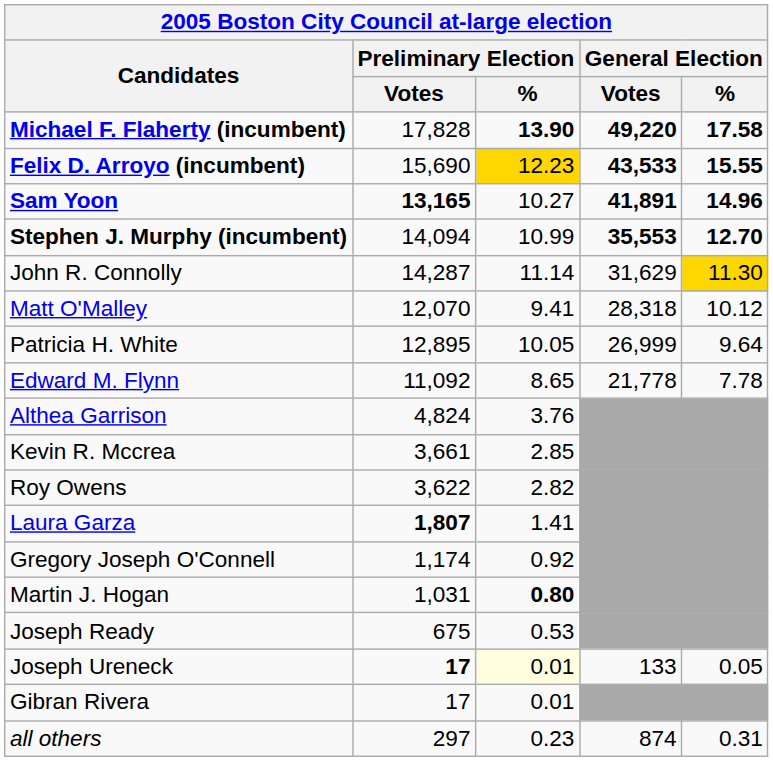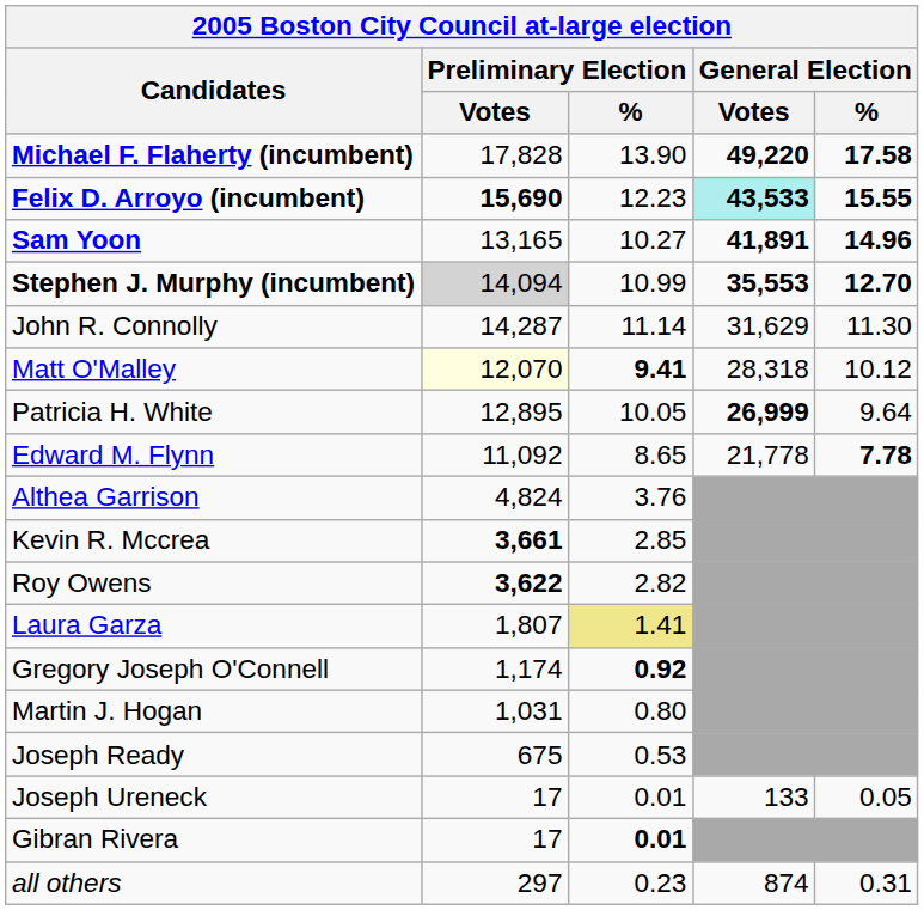 <table class=wikitable>
 <tr>
 <th colspan=5><a href='#'>2005 Boston City Council at-large election</a></th>
 </tr>
 <tr>
 <th colspan=1 rowspan=2><strong>Candidates</strong></th>
 <th colspan=2><strong>Preliminary Election</strong></th>
 <th colspan=2><strong>General Election</strong></th>
 </tr>
 <tr>
 <th>Votes</th>
 <th>%</th>
 <th>Votes</th>
 <th>%</th>
 </tr>
 <tr>
 <td><strong><a href='#'>Michael F. Flaherty</a> (incumbent)</strong></td>
 <td align="right">17,828</td>
-<td align="right"><strong>13.90</strong></td>
+<td align="right">13.90</td>
 <td align="right"><strong>49,220</strong></td>
 <td align="right"><strong>17.58</strong></td>
 </tr>
 <tr>
 <td><strong><a href='#'>Felix D. Arroyo</a> (incumbent)</strong></td>
-<td align="right">15,690</td>
-<td align="right" style="background: gold;">12.23</td>
-<td align="right"><strong>43,533</strong></td>
+<td align="right"><strong>15,690</strong></td>
+<td align="right">12.23</td>
+<td align="right" style="background: paleturquoise;"><strong>43,533</strong></td>
 <td align="right"><strong>15.55</strong></td>
 </tr>
 <tr>
 <td><strong><a href='#'>Sam Yoon</a></strong></td>
-<td align="right"><strong>13,165</strong></td>
+<td align="right">13,165</td>
 <td align="right">10.27</td>
 <td align="right"><strong>41,891</strong></td>
 <td align="right"><strong>14.96</strong></td>
 </tr>
 <tr>
 <td><strong>Stephen J. Murphy (incumbent)</strong></td>
-<td align="right">14,094</td>
+<td align="right" style="background: lightgrey;">14,094</td>
 <td align="right">10.99</td>
 <td align="right"><strong>35,553</strong></td>
 <td align="right"><strong>12.70</strong></td>
 </tr>
 <tr>
 <td>John R. Connolly</td>
 <td align="right">14,287</td>
 <td align="right">11.14</td>
 <td align="right">31,629</td>
-<td align="right" style="background: gold;">11.30</td>
+<td align="right">11.30</td>
 </tr>
 <tr>
 <td><a href='#'>Matt O'Malley</a></td>
-<td align="right">12,070</td>
-<td align="right">9.41</td>
+<td align="right" style="background: lightyellow;">12,070</td>
+<td align="right"><strong>9.41</strong></td>
 <td align="right">28,318</td>
 <td align="right">10.12</td>
 </tr>
 <tr>
 <td>Patricia H. White</td>
 <td align="right">12,895</td>
 <td align="right">10.05</td>
-<td align="right">26,999</td>
+<td align="right"><strong>26,999</strong></td>
 <td align="right">9.64</td>
 </tr>
 <tr>
 <td><a href='#'>Edward M. Flynn</a></td>
 <td align="right">11,092</td>
 <td align="right">8.65</td>
 <td align="right">21,778</td>
-<td align="right">7.78</td>
+<td align="right"><strong>7.78</strong></td>
 </tr>
 <tr>
 <td><a href='#'>Althea Garrison</a></td>
 <td align="right">4,824</td>
 <td align="right">3.76</td>
 <td colspan=2 bgcolor=darkgray> </td>
 </tr>
 <tr>
 <td>Kevin R. Mccrea</td>
-<td align="right">3,661</td>
+<td align="right"><strong>3,661</strong></td>
 <td align="right">2.85</td>
 <td colspan=2 bgcolor=darkgray> </td>
 </tr>
 <tr>
 <td>Roy Owens</td>
-<td align="right">3,622</td>
+<td align="right"><strong>3,622</strong></td>
 <td align="right">2.82</td>
 <td colspan=2 bgcolor=darkgray> </td>
 </tr>
 <tr>
 <td><a href='#'>Laura Garza</a></td>
-<td align="right"><strong>1,807</strong></td>
-<td align="right">1.41</td>
+<td align="right">1,807</td>
+<td align="right" style="background: khaki;">1.41</td>
 <td colspan=2 bgcolor=darkgray> </td>
 </tr>
 <tr>
 <td>Gregory Joseph O'Connell</td>
 <td align="right">1,174</td>
-<td align="right">0.92</td>
+<td align="right"><strong>0.92</strong></td>
 <td colspan=2 bgcolor=darkgray> </td>
 </tr>
 <tr>
 <td>Martin J. Hogan</td>
 <td align="right">1,031</td>
-<td align="right"><strong>0.80</strong></td>
+<td align="right">0.80</td>
 <td colspan=2 bgcolor=darkgray> </td>
 </tr>
 <tr>
 <td>Joseph Ready</td>
 <td align="right">675</td>
 <td align="right">0.53</td>
 <td colspan=2 bgcolor=darkgray> </td>
 </tr>
 <tr>
 <td>Joseph Ureneck</td>
-<td align="right"><strong>17</strong></td>
-<td align="right" style="background: lightyellow;">0.01</td>
+<td align="right">17</td>
+<td align="right">0.01</td>
 <td align="right">133</td>
 <td align="right">0.05</td>
 </tr>
 <tr>
 <td>Gibran Rivera</td>
 <td align="right">17</td>
-<td align="right">0.01</td>
+<td align="right"><strong>0.01</strong></td>
 <td colspan=2 bgcolor=darkgray> </td>
 </tr>
 <tr>
 <td><em>all others</em></td>
 <td align="right">297</td>
 <td align="right">0.23</td>
 <td align="right">874</td>
 <td align="right">0.31</td>
 </tr>
 </table>
